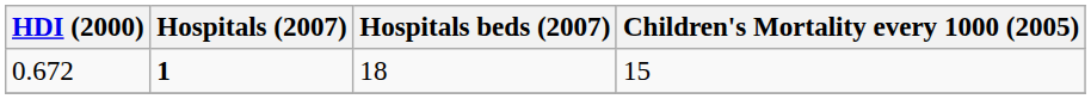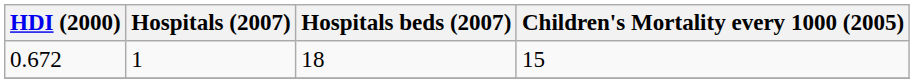 <table class="wikitable" border="1">
 <tr>
 <th><a href='#'>HDI</a> (2000)</th>
 <th>Hospitals (2007)</th>
 <th>Hospitals beds (2007)</th>
 <th>Children's Mortality every 1000 (2005)</th>
 </tr>
 <tr>
 <td>0.672</td>
-<td><strong>1</strong></td>
+<td>1</td>
 <td>18</td>
 <td>15</td>
 </tr>
 <tr>
 </tr>
 </table>
